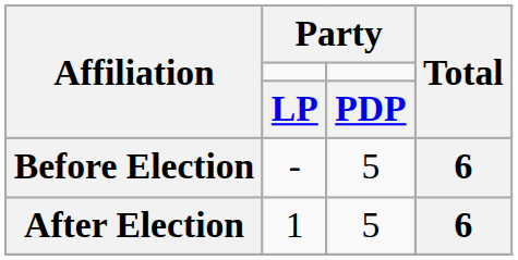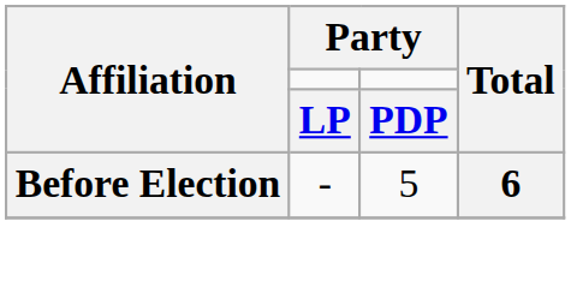 <table class="wikitable" style="text-align:center">
 <tr>
 <th rowspan="3">Affiliation</th>
 <th colspan="2">Party</th>
 <th rowspan="3">Total</th>
 </tr>
 <tr>
 <td style="background-color:"></td>
 <td style="background-color:"></td>
 </tr>
 <tr>
 <th><a href='#'>LP</a></th>
 <th><a href='#'>PDP</a></th>
 </tr>
 <tr>
 <th>Before Election</th>
 <td>-</td>
 <td>5</td>
 <th>6</th>
 </tr>
 <tr>
-<th>After Election</th>
-<td>1</td>
-<td>5</td>
-<th>6</th>
-</tr>
-<tr>
 </tr>
 </table>
